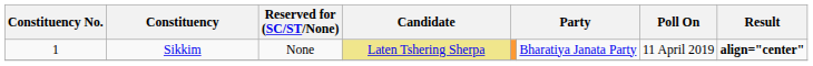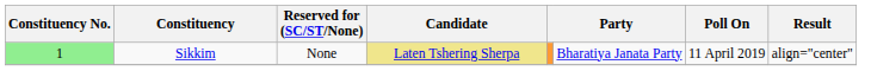 <table class="wikitable sortable" style="text-align:center;">
 <tr>
 <th>Constituency No.</th>
 <th style="width:180px;">Constituency</th>
 <th>Reserved for<br>(<a href='#'>SC/ST</a>/None)</th>
 <th style="width:200px;">Candidate</th>
 <th colspan="2">Party</th>
 <th>Poll On</th>
 <th>Result</th>
 </tr>
 <tr>
-<td align="center">1</td>
+<td align="center" style="background: lightgreen;">1</td>
 <td><a href='#'>Sikkim</a></td>
 <td align="center">None</td>
 <td style="background: khaki;"><a href='#'>Laten Tshering Sherpa</a></td>
 <td bgcolor=#FF9933></td>
 <td><a href='#'>Bharatiya Janata Party</a></td>
 <td align="center">11 April 2019</td>
-<td><strong>align="center" </strong></td>
+<td>align="center" </td>
 </tr>
 <tr>
 </tr>
 </table>
